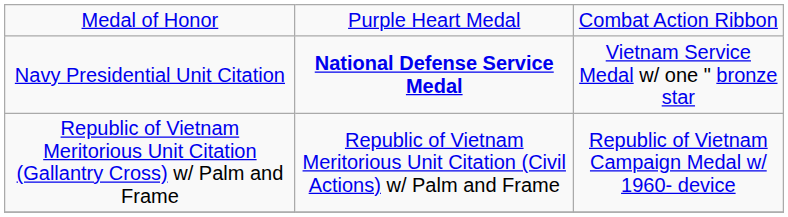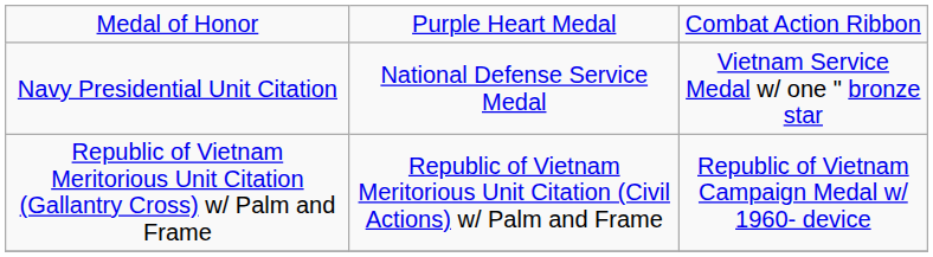 <table class="wikitable" style="margin:1em auto; text-align:center;">
 <tr>
 <td><a href='#'>Medal of Honor</a></td>
 <td><a href='#'>Purple Heart Medal</a></td>
 <td><a href='#'>Combat Action Ribbon</a></td>
 </tr>
 <tr>
 <td><a href='#'>Navy Presidential Unit Citation</a></td>
-<td><strong><a href='#'>National Defense Service Medal</a></strong></td>
+<td><a href='#'>National Defense Service Medal</a></td>
 <td><a href='#'>Vietnam Service Medal</a> w/ one " <a href='#'>bronze star</a></td>
 </tr>
 <tr>
 <td><a href='#'>Republic of Vietnam Meritorious Unit Citation (Gallantry Cross)</a> w/ Palm and Frame</td>
 <td><a href='#'>Republic of Vietnam Meritorious Unit Citation (Civil Actions)</a> w/ Palm and Frame</td>
 <td><a href='#'>Republic of Vietnam Campaign Medal w/ 1960- device</a></td>
 </tr>
 <tr>
 </tr>
 </table>
